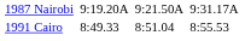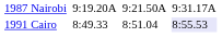 <table>
 <tr valign="top">
 <td><a href='#'>1987 Nairobi</a><br></td>
 <td></td>
 <td>9:19.20A</td>
 <td></td>
 <td>9:21.50A</td>
 <td></td>
 <td>9:31.17A</td>
 </tr>
 <tr valign="top">
 <td><a href='#'>1991 Cairo</a><br></td>
 <td></td>
 <td>8:49.33</td>
 <td></td>
 <td>8:51.04</td>
 <td></td>
-<td>8:55.53</td>
+<td style="background: lavender;">8:55.53</td>
 </tr>
 </table>
